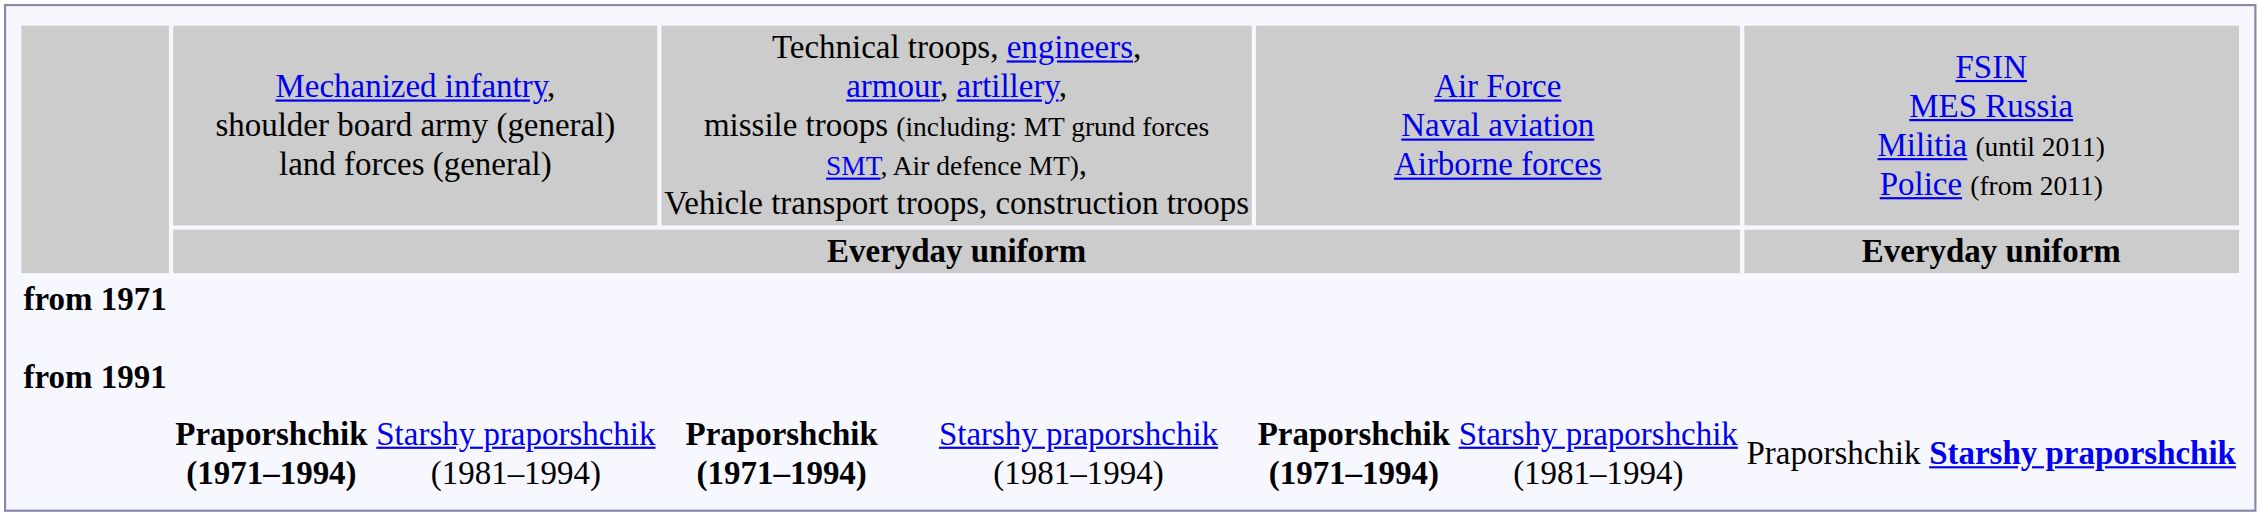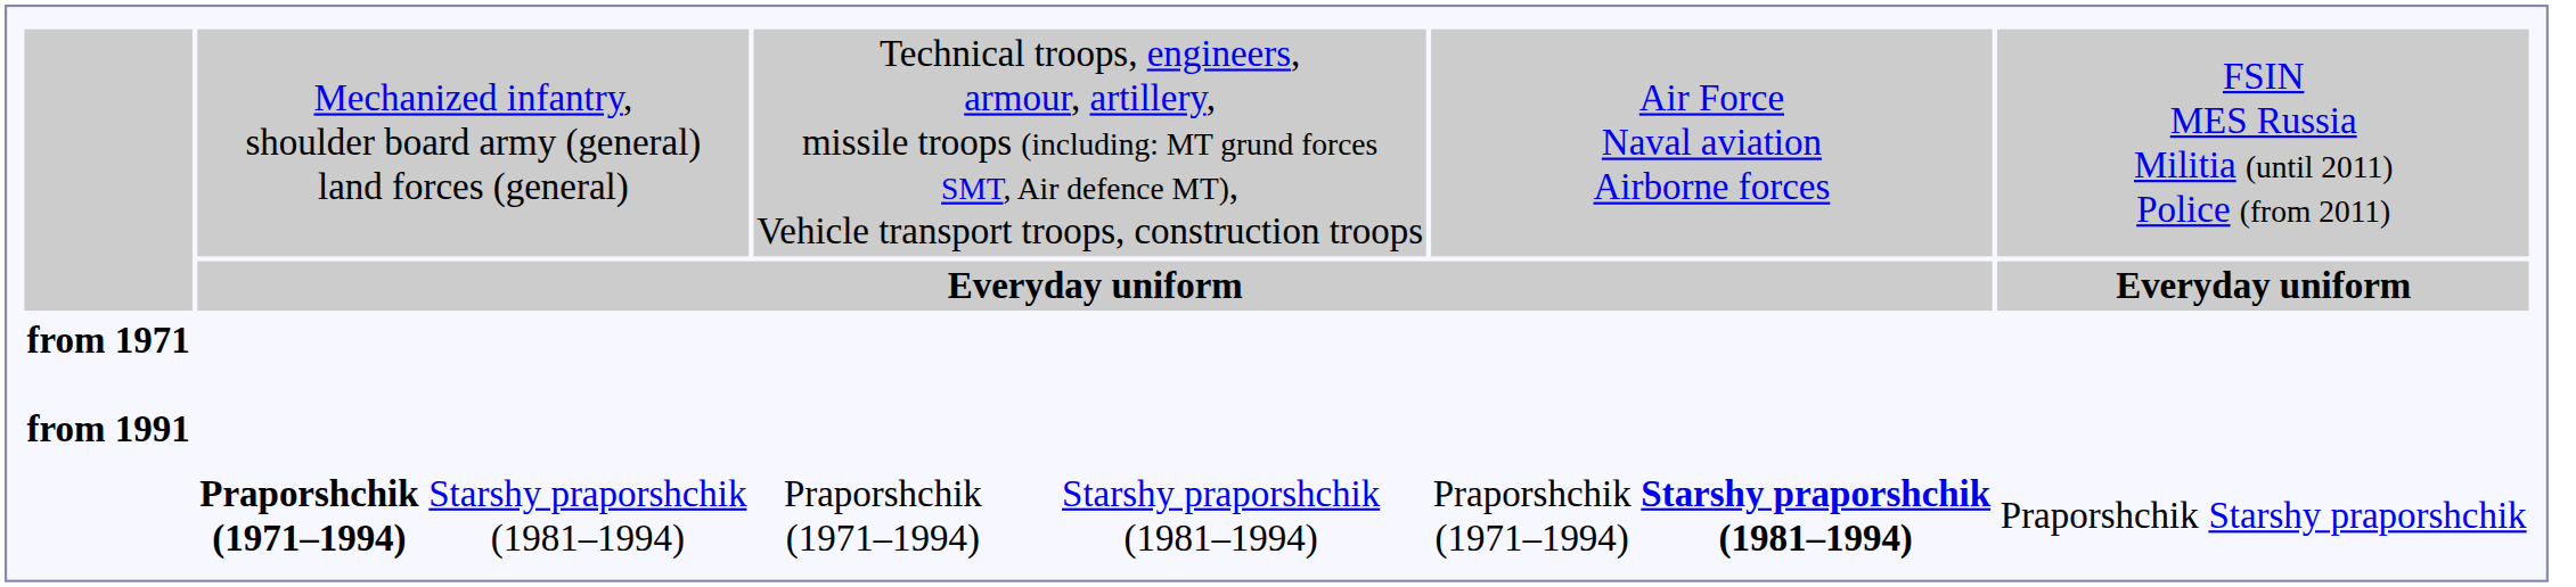 <table style="border:1px solid #8888aa; background-color:#f7f8ff; padding:5px; font-size:95%; margin: 0px 12px 12px 0px;">
 <tr>
 </tr>
 <tr bgcolor="#CCCCCC" align="center">
 <th rowspan=2></th>
 <td colspan=2><a href='#'>Mechanized infantry</a>,<br>shoulder board army (general)<br>land forces (general)</td>
 <td colspan=2>Technical troops, <a href='#'>engineers</a>,<br><a href='#'>armour</a>, <a href='#'>artillery</a>,<br>missile troops <small>(including: MT grund forces<br><a href='#'>SMT</a>, Air defence MT)</small>,<br>Vehicle transport troops, construction troops</td>
 <td colspan=2><a href='#'>Air Force</a><br><a href='#'>Naval aviation</a><br><a href='#'>Airborne forces</a></td>
 <td colspan="2"><a href='#'>FSIN</a><br><a href='#'>MES Russia</a><br><a href='#'>Militia</a> <small>(until 2011)</small><br><a href='#'>Police</a> <small>(from 2011)</small></td>
 </tr>
 <tr bgcolor="#CCCCCC">
 <th colspan=6; align="center">Everyday uniform</th>
 <th colspan=2>Everyday uniform</th>
 </tr>
 <tr align="center">
 <th>from 1971<br><br>from 1991<br></th>
 <td></td>
 <td></td>
 <td></td>
 <td></td>
 <td></td>
 <td></td>
 <td></td>
 <td></td>
 </tr>
 <tr>
 </tr>
 <tr rowspan="2">
 </tr>
 <tr align="center">
 <td></td>
 <td><strong>Praporshchik<br>(1971–1994)</strong></td>
 <td><a href='#'>Starshy praporshchik</a><br>(1981–1994)</td>
-<td><strong>Praporshchik<br>(1971–1994)</strong></td>
+<td>Praporshchik<br>(1971–1994)</td>
 <td><a href='#'>Starshy praporshchik</a><br>(1981–1994)</td>
-<td><strong>Praporshchik<br>(1971–1994)</strong></td>
-<td><a href='#'>Starshy praporshchik</a><br>(1981–1994)</td>
+<td>Praporshchik<br>(1971–1994)</td>
+<td><strong><a href='#'>Starshy praporshchik</a><br>(1981–1994)</strong></td>
 <td>Praporshchik</td>
-<td><strong><a href='#'>Starshy praporshchik</a></strong></td>
+<td><a href='#'>Starshy praporshchik</a></td>
 </tr>
 </table>
